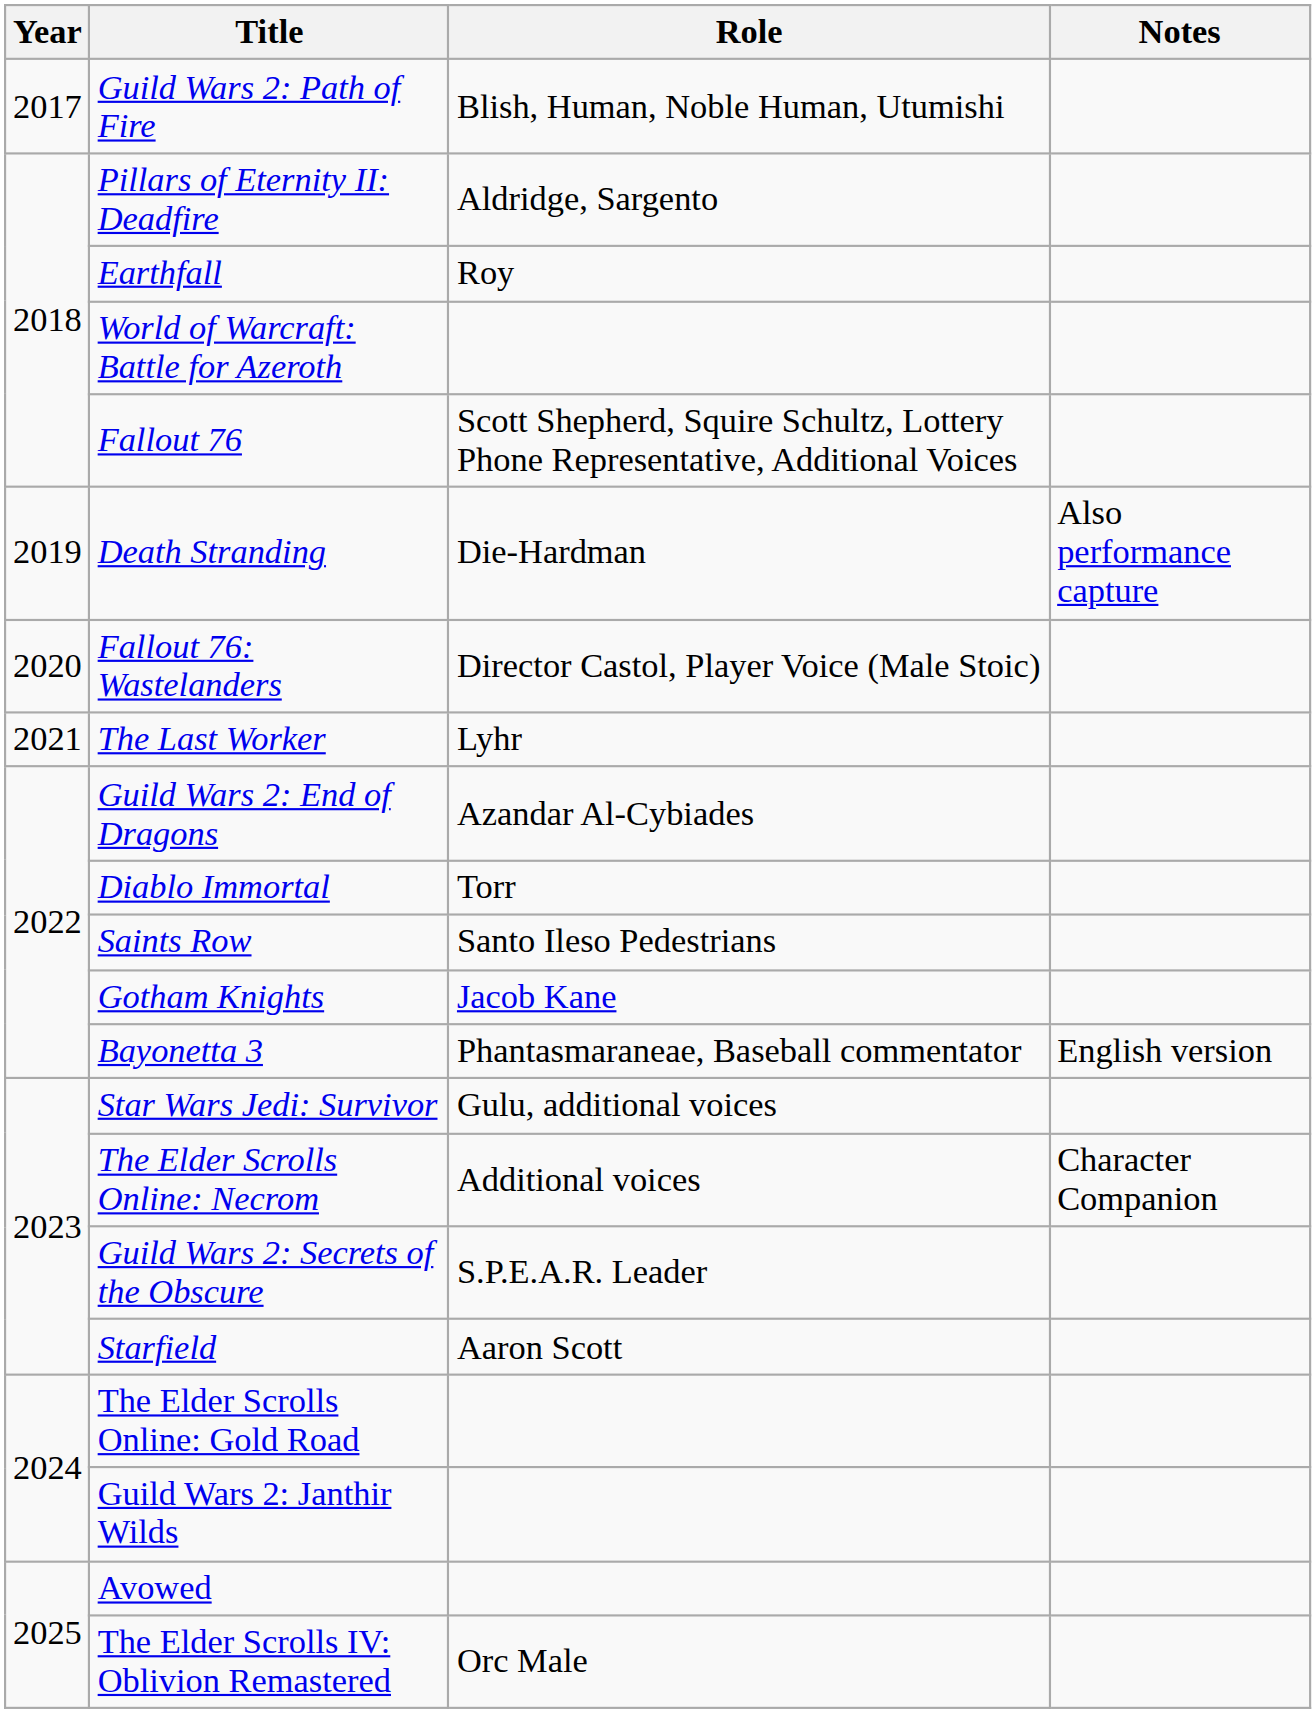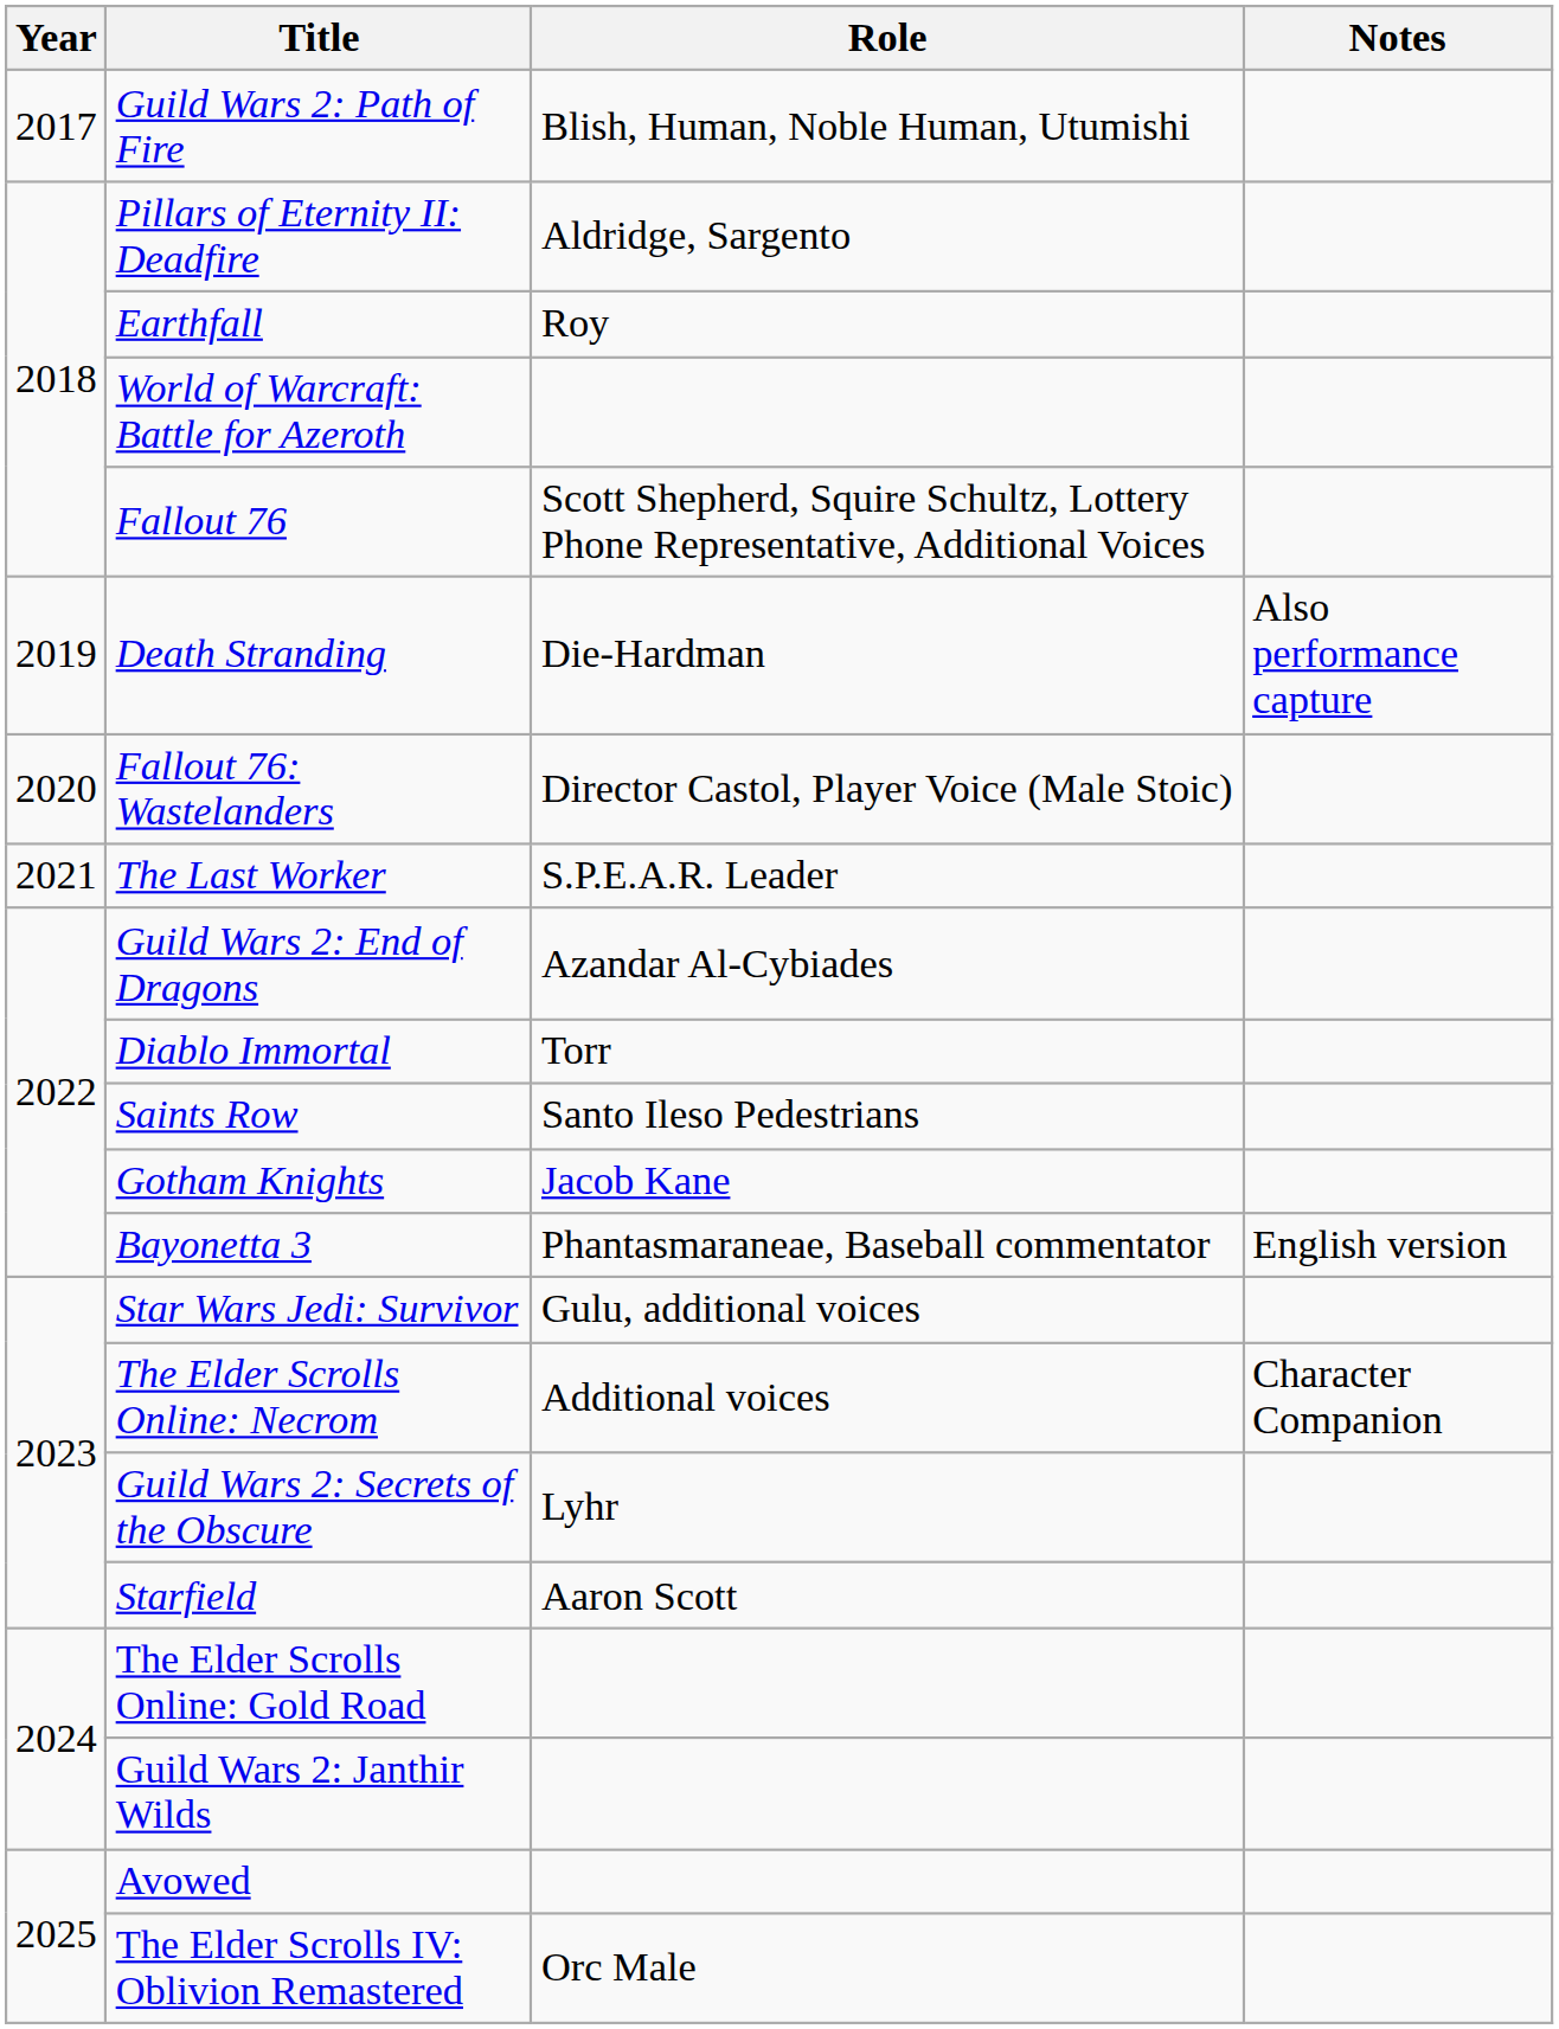 <table class="wikitable">
 <tr>
 <th>Year</th>
 <th>Title</th>
 <th>Role</th>
 <th>Notes</th>
 </tr>
 <tr>
 <td>2017</td>
 <td><em><a href='#'>Guild Wars 2: Path of Fire</a></em></td>
 <td>Blish, Human, Noble Human, Utumishi</td>
 <td></td>
 </tr>
 <tr>
 <td rowspan="4">2018</td>
 <td><em><a href='#'>Pillars of Eternity II: Deadfire</a></em></td>
 <td>Aldridge, Sargento</td>
 <td></td>
 </tr>
 <tr>
 <td><em><a href='#'>Earthfall</a></em></td>
 <td>Roy</td>
 <td></td>
 </tr>
 <tr>
 <td><em><a href='#'>World of Warcraft: Battle for Azeroth</a></em></td>
 <td></td>
 <td></td>
 </tr>
 <tr>
 <td><em><a href='#'>Fallout 76</a></em></td>
 <td>Scott Shepherd, Squire Schultz, Lottery Phone Representative, Additional Voices</td>
 <td></td>
 </tr>
 <tr>
 <td>2019</td>
 <td><em><a href='#'>Death Stranding</a></em></td>
 <td>Die-Hardman</td>
 <td>Also <a href='#'>performance capture</a></td>
 </tr>
 <tr>
 <td>2020</td>
 <td><em><a href='#'>Fallout 76: Wastelanders</a></em></td>
 <td>Director Castol, Player Voice (Male Stoic)</td>
 <td></td>
 </tr>
 <tr>
 <td>2021</td>
 <td><em><a href='#'>The Last Worker</a></em></td>
-<td>Lyhr</td>
+<td>S.P.E.A.R. Leader</td>
 <td></td>
 </tr>
 <tr>
 <td rowspan="5">2022</td>
 <td><em><a href='#'>Guild Wars 2: End of Dragons</a></em></td>
 <td>Azandar Al-Cybiades</td>
 <td></td>
 </tr>
 <tr>
 <td><em><a href='#'>Diablo Immortal</a></em></td>
 <td>Torr</td>
 <td></td>
 </tr>
 <tr>
 <td><em><a href='#'>Saints Row</a></em></td>
 <td>Santo Ileso Pedestrians</td>
 <td></td>
 </tr>
 <tr>
 <td><em><a href='#'>Gotham Knights</a></em></td>
 <td><a href='#'>Jacob Kane</a></td>
 <td></td>
 </tr>
 <tr>
 <td><em><a href='#'>Bayonetta 3</a></em></td>
 <td>Phantasmaraneae, Baseball commentator</td>
 <td>English version</td>
 </tr>
 <tr>
 <td rowspan="4”">2023</td>
 <td><em><a href='#'>Star Wars Jedi: Survivor</a></em></td>
 <td>Gulu, additional voices</td>
 <td></td>
 </tr>
 <tr>
 <td><em><a href='#'>The Elder Scrolls Online: Necrom</a></em></td>
 <td>Additional voices</td>
 <td>Character Companion </td>
 </tr>
 <tr>
 <td><em><a href='#'>Guild Wars 2: Secrets of the Obscure</a></em></td>
-<td>S.P.E.A.R. Leader</td>
+<td>Lyhr</td>
 <td></td>
 </tr>
 <tr>
 <td><em><a href='#'>Starfield</a></em></td>
 <td>Aaron Scott</td>
 <td></td>
 </tr>
 <tr>
 <td rowspan="2”">2024</td>
 <td><a href='#'>The Elder Scrolls Online: Gold Road</a></td>
 <td></td>
 <td></td>
 </tr>
 <tr>
 <td><a href='#'>Guild Wars 2: Janthir Wilds</a></td>
 <td></td>
 <td></td>
 </tr>
 <tr>
 <td rowspan="2”">2025</td>
 <td><a href='#'>Avowed</a></td>
 <td></td>
 </tr>
 <tr>
 <td><a href='#'>The Elder Scrolls IV: Oblivion Remastered</a></td>
 <td>Orc Male</td>
 <td></td>
 </tr>
 </table>
